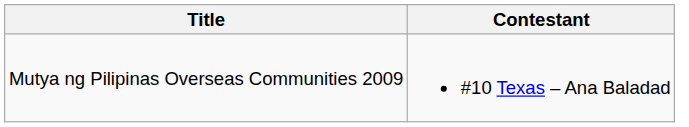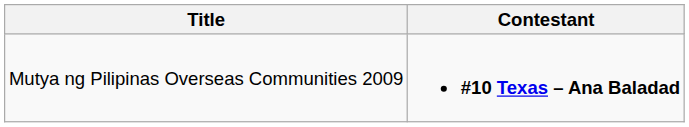 <table class="wikitable sortable" style="font-size: 95%;">
 <tr>
 <th>Title</th>
 <th>Contestant</th>
 </tr>
 <tr>
 <td>Mutya ng Pilipinas Overseas Communities 2009</td>
-<td><br><ul><li>#10 <a href='#'>Texas</a> – Ana Baladad</li></ul></td>
+<td><strong><br><ul><li>#10 <a href='#'>Texas</a> – Ana Baladad</li></ul></strong></td>
 </tr>
 </table>
